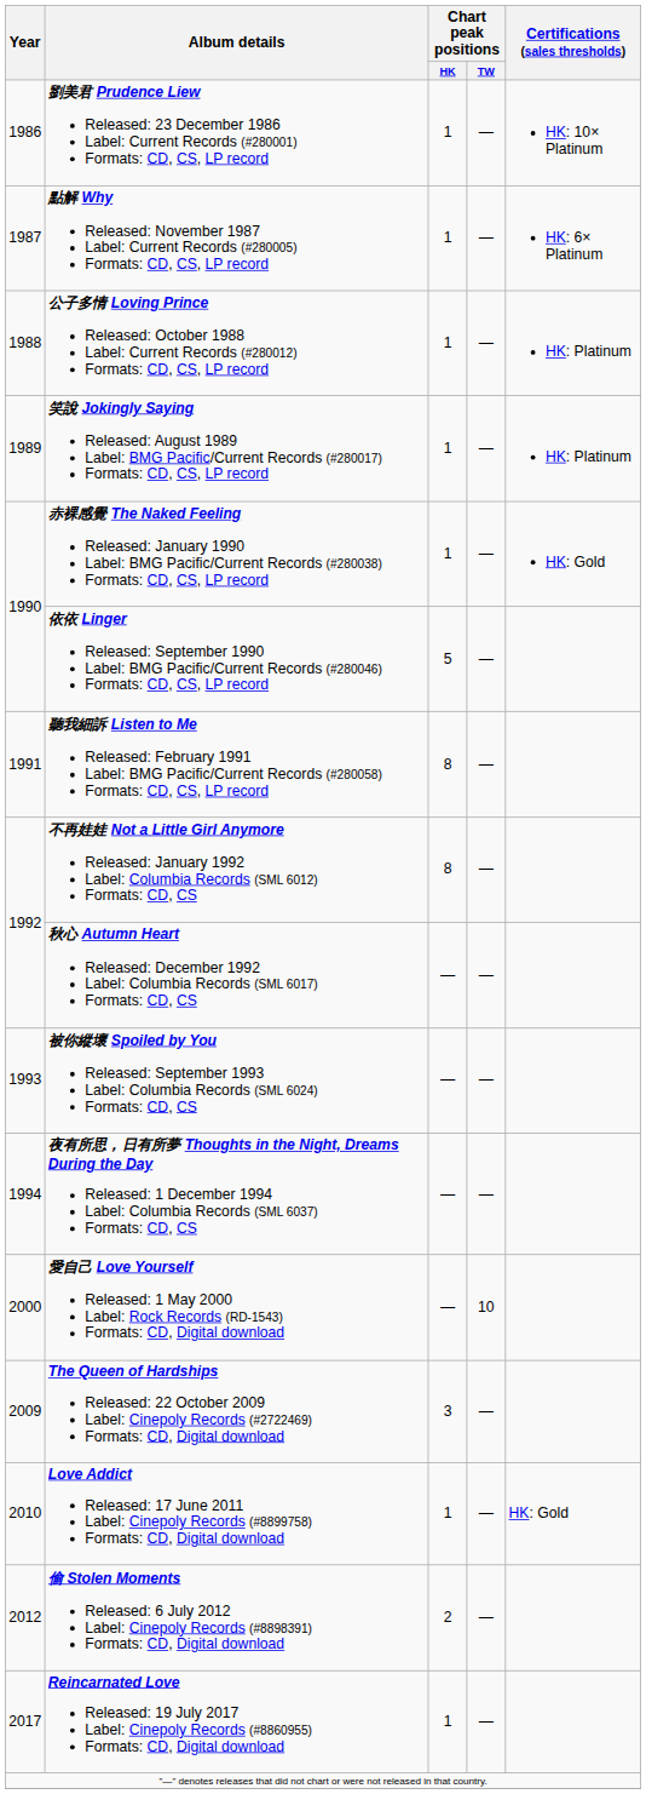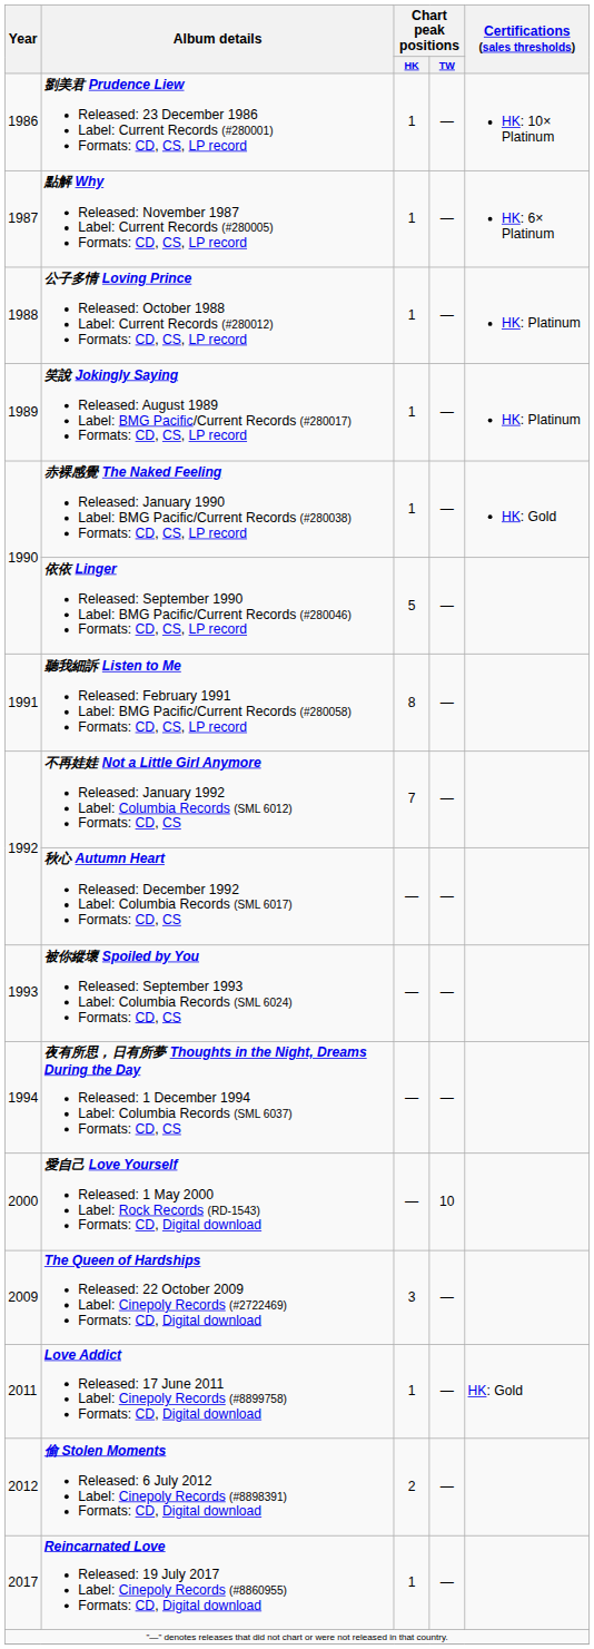 <table class="wikitable" border="1">
 <tr>
 <th rowspan="2">Year</th>
 <th rowspan="2" width="410">Album details</th>
 <th colspan="2">Chart peak positions</th>
 <th width="140" rowspan="2"><a href='#'>Certifications</a><br><small>(<a href='#'>sales thresholds</a>)</small></th>
 </tr>
 <tr>
 <th style="width:3em;font-size:75%;"><a href='#'>HK</a><br></th>
 <th style="width:3em;font-size:75%;"><a href='#'>TW</a><br></th>
 </tr>
 <tr>
 <td>1986</td>
 <td><strong><em>劉美君 <a href='#'>Prudence Liew</a></em></strong><br><ul><li>Released: 23 December 1986</li><li>Label: Current Records <small>(#280001)</small></li><li>Formats: <a href='#'>CD</a>, <a href='#'>CS</a>, <a href='#'>LP record</a></li></ul></td>
 <td align="center">1</td>
 <td align="center">—</td>
 <td><br><ul><li><a href='#'>HK</a>: 10× Platinum</li></ul></td>
 </tr>
 <tr>
 <td>1987</td>
 <td><strong><em>點解 <a href='#'>Why</a></em></strong><br><ul><li>Released: November 1987</li><li>Label: Current Records <small>(#280005)</small></li><li>Formats: <a href='#'>CD</a>, <a href='#'>CS</a>, <a href='#'>LP record</a></li></ul></td>
 <td align="center">1</td>
 <td align="center">—</td>
 <td><br><ul><li><a href='#'>HK</a>: 6× Platinum</li></ul></td>
 </tr>
 <tr>
 <td>1988</td>
 <td><strong><em>公子多情 <a href='#'>Loving Prince</a></em></strong><br><ul><li>Released: October 1988</li><li>Label: Current Records <small>(#280012)</small></li><li>Formats: <a href='#'>CD</a>, <a href='#'>CS</a>, <a href='#'>LP record</a></li></ul></td>
 <td align="center">1</td>
 <td align="center">—</td>
 <td><br><ul><li><a href='#'>HK</a>: Platinum </li></ul></td>
 </tr>
 <tr>
 <td>1989</td>
 <td><strong><em>笑說 <a href='#'>Jokingly Saying</a></em></strong><br><ul><li>Released: August 1989</li><li>Label: <a href='#'>BMG Pacific</a>/Current Records <small>(#280017)</small></li><li>Formats: <a href='#'>CD</a>, <a href='#'>CS</a>, <a href='#'>LP record</a></li></ul></td>
 <td align="center">1</td>
 <td align="center">—</td>
 <td><br><ul><li><a href='#'>HK</a>: Platinum </li></ul></td>
 </tr>
 <tr>
 <td rowspan="2">1990</td>
 <td><strong><em>赤裸感覺 <a href='#'>The Naked Feeling</a></em></strong><br><ul><li>Released: January 1990</li><li>Label: BMG Pacific/Current Records <small>(#280038)</small></li><li>Formats: <a href='#'>CD</a>, <a href='#'>CS</a>, <a href='#'>LP record</a></li></ul></td>
 <td align="center">1</td>
 <td align="center">—</td>
 <td><br><ul><li><a href='#'>HK</a>: Gold </li></ul></td>
 </tr>
 <tr>
 <td><strong><em>依依 <a href='#'>Linger</a></em></strong><br><ul><li>Released: September 1990</li><li>Label: BMG Pacific/Current Records <small>(#280046)</small></li><li>Formats: <a href='#'>CD</a>, <a href='#'>CS</a>, <a href='#'>LP record</a></li></ul></td>
 <td align="center">5</td>
 <td align="center">—</td>
 <td></td>
 </tr>
 <tr>
 <td>1991</td>
 <td><strong><em>聽我細訴 <a href='#'>Listen to Me</a></em></strong><br><ul><li>Released: February 1991</li><li>Label: BMG Pacific/Current Records <small>(#280058)</small></li><li>Formats: <a href='#'>CD</a>, <a href='#'>CS</a>, <a href='#'>LP record</a></li></ul></td>
 <td align="center">8</td>
 <td align="center">—</td>
 <td></td>
 </tr>
 <tr>
 <td rowspan="2">1992</td>
 <td><strong><em>不再娃娃 <a href='#'>Not a Little Girl Anymore</a></em></strong><br><ul><li>Released: January 1992</li><li>Label: <a href='#'>Columbia Records</a> <small>(SML 6012)</small></li><li>Formats: <a href='#'>CD</a>, <a href='#'>CS</a></li></ul></td>
-<td align="center">8</td>
+<td align="center">7</td>
 <td align="center">—</td>
 <td></td>
 </tr>
 <tr>
 <td><strong><em>秋心 <a href='#'>Autumn Heart</a></em></strong><br><ul><li>Released: December 1992</li><li>Label: Columbia Records <small>(SML 6017)</small></li><li>Formats: <a href='#'>CD</a>, <a href='#'>CS</a></li></ul></td>
 <td align="center">—</td>
 <td align="center">—</td>
 <td></td>
 </tr>
 <tr>
 <td>1993</td>
 <td><strong><em>被你縱壞 <a href='#'>Spoiled by You</a></em></strong><br><ul><li>Released: September 1993</li><li>Label: Columbia Records <small>(SML 6024)</small></li><li>Formats: <a href='#'>CD</a>, <a href='#'>CS</a></li></ul></td>
 <td align="center">—</td>
 <td align="center">—</td>
 <td></td>
 </tr>
 <tr>
 <td>1994</td>
 <td><strong><em>夜有所思，日有所夢 <a href='#'>Thoughts in the Night, Dreams During the Day</a></em></strong><br><ul><li>Released: 1 December 1994</li><li>Label: Columbia Records <small>(SML 6037)</small></li><li>Formats: <a href='#'>CD</a>, <a href='#'>CS</a></li></ul></td>
 <td align="center">—</td>
 <td align="center">—</td>
 <td></td>
 </tr>
 <tr>
 <td>2000</td>
 <td><strong><em>愛自己 <a href='#'>Love Yourself</a></em></strong><br><ul><li>Released: 1 May 2000</li><li>Label: <a href='#'>Rock Records</a> <small>(RD-1543)</small></li><li>Formats: <a href='#'>CD</a>, <a href='#'>Digital download</a></li></ul></td>
 <td align="center">—</td>
 <td align="center">10</td>
 <td></td>
 </tr>
 <tr>
 <td>2009</td>
 <td><strong><em><a href='#'>The Queen of Hardships</a></em></strong><br><ul><li>Released: 22 October 2009</li><li>Label: <a href='#'>Cinepoly Records</a> <small>(#2722469)</small></li><li>Formats: <a href='#'>CD</a>, <a href='#'>Digital download</a></li></ul></td>
 <td align="center">3</td>
 <td align="center">—</td>
 <td></td>
 </tr>
 <tr>
-<td>2010</td>
+<td>2011</td>
 <td><strong><em><a href='#'>Love Addict</a></em></strong><br><ul><li>Released: 17 June 2011</li><li>Label: <a href='#'>Cinepoly Records</a> <small> (#8899758)</small></li><li>Formats: <a href='#'>CD</a>, <a href='#'>Digital download</a></li></ul></td>
 <td align="center">1</td>
 <td align="center">—</td>
 <td><a href='#'>HK</a>: Gold </td>
 </tr>
 <tr>
 <td>2012</td>
 <td><strong><em><a href='#'>偷 Stolen Moments</a></em></strong><br><ul><li>Released: 6 July 2012</li><li>Label: <a href='#'>Cinepoly Records</a> <small> (#8898391)</small></li><li>Formats: <a href='#'>CD</a>, <a href='#'>Digital download</a></li></ul></td>
 <td align="center">2</td>
 <td align="center">—</td>
 <td></td>
 </tr>
 <tr>
 <td>2017</td>
 <td><strong><em><a href='#'>Reincarnated Love</a></em></strong><br><ul><li>Released: 19 July 2017</li><li>Label: <a href='#'>Cinepoly Records</a> <small> (#8860955)</small></li><li>Formats: <a href='#'>CD</a>, <a href='#'>Digital download</a></li></ul></td>
 <td align="center">1</td>
 <td align="center">—</td>
 <td></td>
 </tr>
 <tr>
 <td align="center" colspan="5" style="font-size: 8pt">"—" denotes releases that did not chart or were not released in that country.</td>
 </tr>
 <tr>
 </tr>
 </table>
